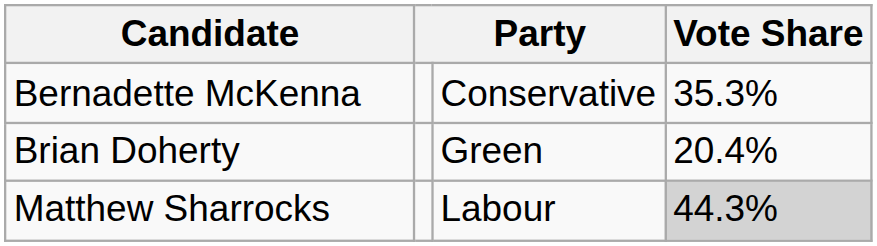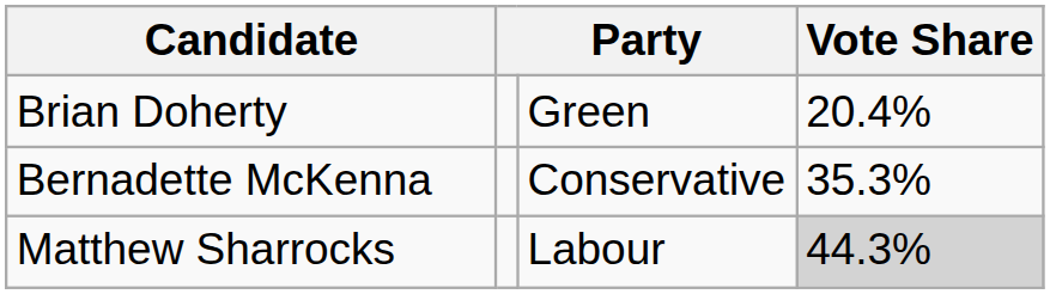 <table class="wikitable">
 <tr>
 <th width="170">Candidate</th>
 <th colspan="2">Party</th>
 <th>Vote Share</th>
+</tr>
+<tr>
+<td>Brian Doherty</td>
+<td style="color:inherit;background:"></td>
+<td>Green</td>
+<td>20.4%</td>
 </tr>
 <tr>
 <td>Bernadette McKenna</td>
 <td style="color:inherit;background:"></td>
 <td>Conservative</td>
 <td>35.3%</td>
 </tr>
 <tr>
-<td>Brian Doherty</td>
-<td style="color:inherit;background:"></td>
-<td>Green</td>
-<td>20.4%</td>
-</tr>
-<tr>
 <td>Matthew Sharrocks</td>
 <td style="color:inherit;background:"></td>
 <td>Labour</td>
 <td style="background: lightgrey;">44.3%</td>
 </tr>
 </table>
